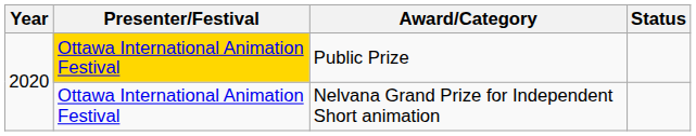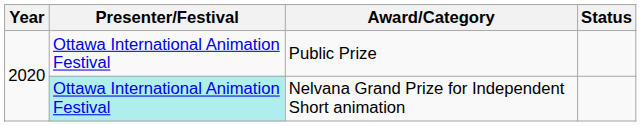 <table class="wikitable">
 <tr>
 <th>Year</th>
 <th>Presenter/Festival</th>
 <th>Award/Category</th>
 <th>Status</th>
 </tr>
 <tr>
 <td rowspan="2">2020</td>
-<td style="background: gold;"><a href='#'>Ottawa International Animation Festival</a></td>
+<td><a href='#'>Ottawa International Animation Festival</a></td>
 <td>Public Prize</td>
 <td></td>
 </tr>
 <tr>
-<td><a href='#'>Ottawa International Animation Festival</a></td>
+<td style="background: paleturquoise;"><a href='#'>Ottawa International Animation Festival</a></td>
 <td>Nelvana Grand Prize for Independent Short animation</td>
 <td></td>
 </tr>
 </table>
